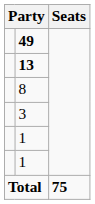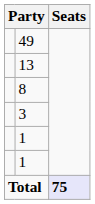 <table class="wikitable">
 <tr>
 <th colspan=2>Party</th>
 <th>Seats</th>
 </tr>
 <tr>
 <td></td>
-<td><strong>49</strong></td>
+<td>49</td>
 </tr>
 <tr>
 <td></td>
-<td><strong>13</strong></td>
+<td>13</td>
 </tr>
 <tr>
 <td></td>
 <td>8</td>
 </tr>
 <tr>
 <td></td>
 <td>3</td>
 </tr>
 <tr>
 <td></td>
 <td>1</td>
 </tr>
 <tr>
 <td></td>
 <td>1</td>
 </tr>
 <tr>
 <td colspan="2"><strong>Total</strong></td>
-<td><strong>75</strong></td>
+<td style="background: lavender;"><strong>75</strong></td>
 </tr>
 </table>
